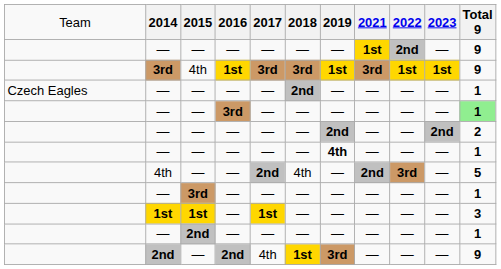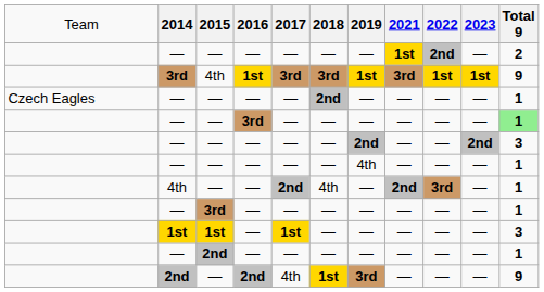 <table class="wikitable" style="text-align:center; font-size:90%">
 <tr>
 <td width="150">Team</td>
 <th>2014</th>
 <th>2015</th>
 <th>2016</th>
 <th>2017</th>
 <th>2018</th>
 <th>2019</th>
 <th><a href='#'>2021</a></th>
 <th><a href='#'>2022</a></th>
 <th><a href='#'>2023</a></th>
 <th>Total<br>9</th>
 </tr>
 <tr>
 <td align=left></td>
 <td>—</td>
 <td>—</td>
 <td>—</td>
 <td>—</td>
 <td>—</td>
 <td>—</td>
 <td bgcolor=Gold><strong>1st</strong></td>
 <td bgcolor=Silver><strong>2nd</strong></td>
 <td>—</td>
-<td><strong>9</strong></td>
+<td><strong>2</strong></td>
 </tr>
 <tr>
 <td align=left></td>
 <td bgcolor=#cc9966><strong>3rd</strong></td>
 <td>4th</td>
 <td bgcolor=Gold><strong>1st</strong></td>
 <td bgcolor=#cc9966><strong>3rd</strong></td>
 <td bgcolor=#cc9966><strong>3rd</strong></td>
 <td bgcolor=Gold><strong>1st</strong></td>
 <td bgcolor=#cc9966><strong>3rd</strong></td>
 <td bgcolor=Gold><strong>1st</strong></td>
 <td bgcolor=Gold><strong>1st</strong></td>
 <td><strong>9</strong></td>
 </tr>
 <tr>
 <td align=left> Czech Eagles</td>
 <td>—</td>
 <td>—</td>
 <td>—</td>
 <td>—</td>
 <td bgcolor=Silver><strong>2nd</strong></td>
 <td>—</td>
 <td>—</td>
 <td>—</td>
 <td>—</td>
 <td><strong>1</strong></td>
 </tr>
 <tr>
 <td align=left></td>
 <td>—</td>
 <td>—</td>
 <td bgcolor=#cc9966><strong>3rd</strong></td>
 <td>—</td>
 <td>—</td>
 <td>—</td>
 <td>—</td>
 <td>—</td>
 <td>—</td>
 <td style="background: lightgreen;"><strong>1</strong></td>
 </tr>
 <tr>
 <td align=left></td>
 <td>—</td>
 <td>—</td>
 <td>—</td>
 <td>—</td>
 <td>—</td>
 <td bgcolor=Silver><strong>2nd</strong></td>
 <td>—</td>
 <td>—</td>
 <td bgcolor=Silver><strong>2nd</strong></td>
-<td><strong>2</strong></td>
+<td><strong>3</strong></td>
 </tr>
 <tr>
 <td align=left></td>
 <td>—</td>
 <td>—</td>
 <td>—</td>
 <td>—</td>
 <td>—</td>
-<td><strong>4th</strong></td>
+<td>4th</td>
 <td>—</td>
 <td>—</td>
 <td>—</td>
 <td><strong>1</strong></td>
 </tr>
 <tr>
 <td align=left></td>
 <td>4th</td>
 <td>—</td>
 <td>—</td>
 <td bgcolor=Silver><strong>2nd</strong></td>
 <td>4th</td>
 <td>—</td>
 <td bgcolor=Silver><strong>2nd</strong></td>
 <td bgcolor=#cc9966><strong>3rd</strong></td>
 <td>—</td>
-<td><strong>5</strong></td>
+<td><strong>1</strong></td>
 </tr>
 <tr>
 <td align=left></td>
 <td>—</td>
 <td bgcolor=#cc9966><strong>3rd</strong></td>
 <td>—</td>
 <td>—</td>
 <td>—</td>
 <td>—</td>
 <td>—</td>
 <td>—</td>
 <td>—</td>
 <td><strong>1</strong></td>
 </tr>
 <tr>
 <td align=left></td>
 <td bgcolor=Gold><strong>1st</strong></td>
 <td bgcolor=Gold><strong>1st</strong></td>
 <td>—</td>
 <td bgcolor=Gold><strong>1st</strong></td>
 <td>—</td>
 <td>—</td>
 <td>—</td>
 <td>—</td>
 <td>—</td>
 <td><strong>3</strong></td>
 </tr>
 <tr>
 <td align=left></td>
 <td>—</td>
 <td bgcolor=Silver><strong>2nd</strong></td>
 <td>—</td>
 <td>—</td>
 <td>—</td>
 <td>—</td>
 <td>—</td>
 <td>—</td>
 <td>—</td>
 <td><strong>1</strong></td>
 </tr>
 <tr>
 <td align=left></td>
 <td bgcolor=Silver><strong>2nd</strong></td>
 <td>—</td>
 <td bgcolor=Silver><strong>2nd</strong></td>
 <td>4th</td>
 <td bgcolor=Gold><strong>1st</strong></td>
 <td bgcolor=#cc9966><strong>3rd</strong></td>
 <td>—</td>
 <td>—</td>
 <td>—</td>
 <td><strong>9</strong></td>
 </tr>
 </table>
